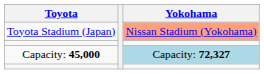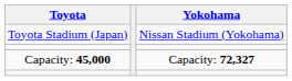 <table class="wikitable" style="text-align:center">
 <tr>
 <th><a href='#'>Toyota</a></th>
 <th rowspan=5></th>
 <th><a href='#'>Yokohama</a></th>
 </tr>
 <tr>
 <td><a href='#'>Toyota Stadium (Japan)</a></td>
-<td style="background: lightsalmon;"><a href='#'>Nissan Stadium (Yokohama)</a></td>
+<td><a href='#'>Nissan Stadium (Yokohama)</a></td>
 </tr>
 <tr>
 <td><small></small></td>
 <td><small></small></td>
 </tr>
 <tr>
 <td>Capacity: <strong>45,000</strong></td>
-<td style="background: lightblue;">Capacity: <strong>72,327</strong></td>
+<td>Capacity: <strong>72,327</strong></td>
 </tr>
 <tr>
 <td></td>
 <td></td>
 </tr>
 </table>
